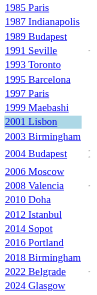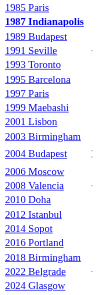 <table>
 <tr>
 <td><a href='#'>1985 Paris</a><br></td>
 <td></td>
 <td></td>
 <td></td>
 </tr>
 <tr>
-<td><a href='#'>1987 Indianapolis</a><br></td>
+<td><strong><a href='#'>1987 Indianapolis</a><br></strong></td>
 <td></td>
 <td></td>
 <td></td>
 </tr>
 <tr>
 <td><a href='#'>1989 Budapest</a><br></td>
 <td></td>
 <td></td>
 <td></td>
 </tr>
 <tr>
 <td><a href='#'>1991 Seville</a><br></td>
 <td></td>
 <td></td>
 <td><hr></td>
 </tr>
 <tr>
 <td><a href='#'>1993 Toronto</a><br></td>
 <td></td>
 <td></td>
 <td></td>
 </tr>
 <tr>
 <td><a href='#'>1995 Barcelona</a><br></td>
 <td></td>
 <td></td>
 <td></td>
 </tr>
 <tr>
 <td><a href='#'>1997 Paris</a><br></td>
 <td></td>
 <td></td>
 <td></td>
 </tr>
 <tr>
 <td><a href='#'>1999 Maebashi</a><br></td>
 <td></td>
 <td></td>
 <td></td>
 </tr>
 <tr>
-<td style="background: lightblue;"><a href='#'>2001 Lisbon</a><br></td>
+<td><a href='#'>2001 Lisbon</a><br></td>
 <td></td>
 <td></td>
 <td></td>
 </tr>
 <tr>
 <td><a href='#'>2003 Birmingham</a><br></td>
 <td></td>
 <td></td>
 <td></td>
 </tr>
 <tr>
 <td><a href='#'>2004 Budapest</a><br></td>
 <td></td>
 <td></td>
 <td><hr><hr></td>
 </tr>
 <tr>
 <td><a href='#'>2006 Moscow</a><br></td>
 <td></td>
 <td></td>
 <td></td>
 </tr>
 <tr>
 <td><a href='#'>2008 Valencia</a><br></td>
 <td></td>
 <td></td>
 <td><hr></td>
 </tr>
 <tr>
 <td><a href='#'>2010 Doha</a><br></td>
 <td></td>
 <td></td>
 <td></td>
 </tr>
 <tr>
 <td><a href='#'>2012 Istanbul</a><br></td>
 <td></td>
 <td></td>
 <td></td>
 </tr>
 <tr>
 <td><a href='#'>2014 Sopot</a><br></td>
 <td></td>
 <td></td>
 <td></td>
 </tr>
 <tr>
 <td><a href='#'>2016 Portland</a><br></td>
 <td></td>
 <td></td>
 <td></td>
 </tr>
 <tr>
 <td><a href='#'>2018 Birmingham</a><br></td>
 <td></td>
 <td></td>
 <td></td>
 </tr>
 <tr>
 <td><a href='#'>2022 Belgrade</a><br></td>
 <td></td>
 <td></td>
 <td><hr></td>
 </tr>
 <tr>
 <td><a href='#'>2024 Glasgow</a><br></td>
 <td></td>
 <td></td>
 <td></td>
 </tr>
 </table>
